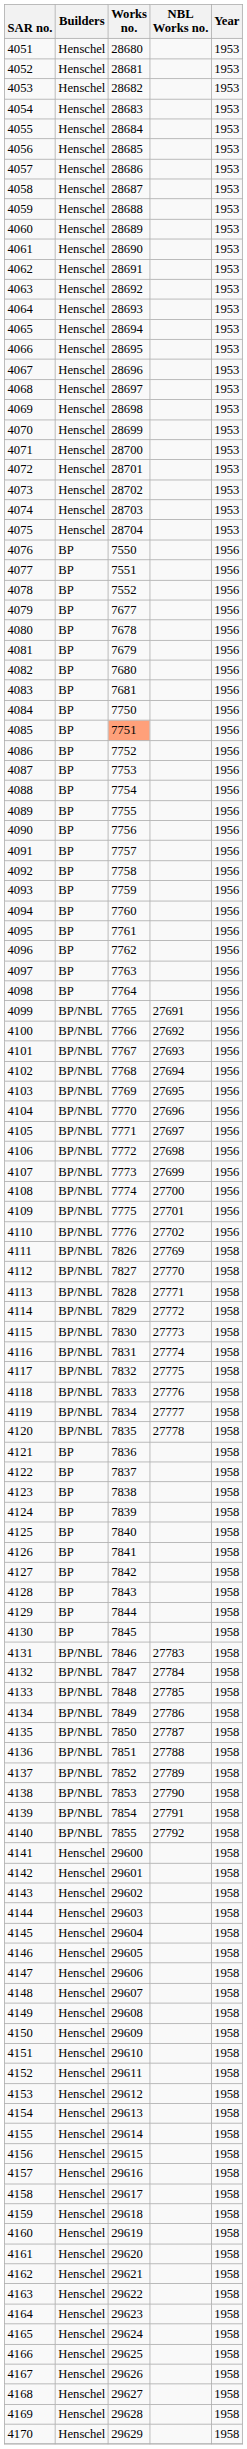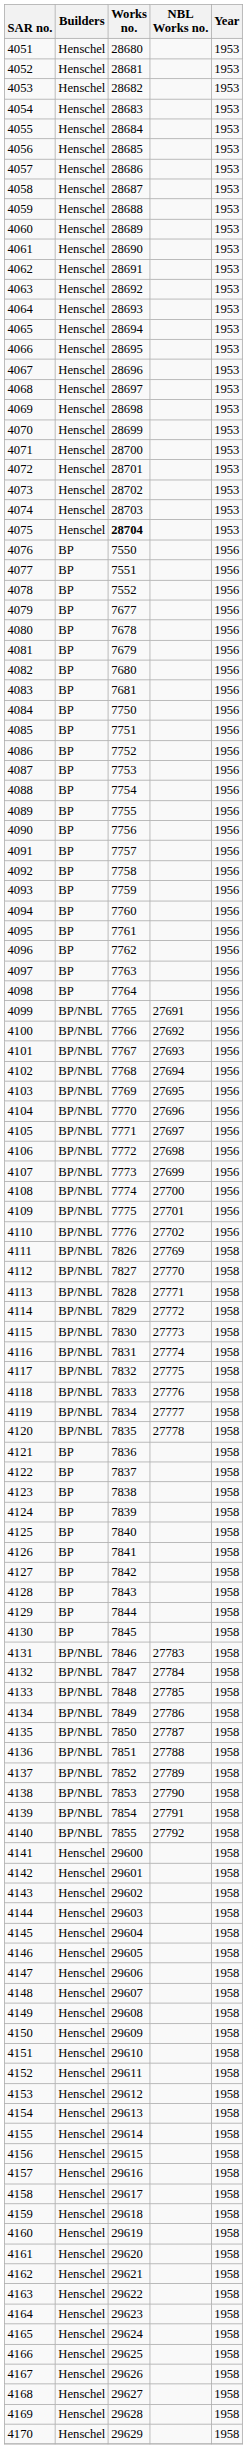 <table class="wikitable collapsible collapsed sortable" style="margin:0.5em auto; font-size:100%;">
 <tr>
 <th><br>SAR no.</th>
 <th>Builders<br></th>
 <th>Works<br>no.</th>
 <th>NBL<br>Works no.</th>
 <th>Year<br></th>
 </tr>
 <tr>
 <td>4051</td>
 <td>Henschel</td>
 <td>28680</td>
 <td></td>
 <td>1953</td>
 </tr>
 <tr>
 <td>4052</td>
 <td>Henschel</td>
 <td>28681</td>
 <td></td>
 <td>1953</td>
 </tr>
 <tr>
 <td>4053</td>
 <td>Henschel</td>
 <td>28682</td>
 <td></td>
 <td>1953</td>
 </tr>
 <tr>
 <td>4054</td>
 <td>Henschel</td>
 <td>28683</td>
 <td></td>
 <td>1953</td>
 </tr>
 <tr>
 <td>4055</td>
 <td>Henschel</td>
 <td>28684</td>
 <td></td>
 <td>1953</td>
 </tr>
 <tr>
 <td>4056</td>
 <td>Henschel</td>
 <td>28685</td>
 <td></td>
 <td>1953</td>
 </tr>
 <tr>
 <td>4057</td>
 <td>Henschel</td>
 <td>28686</td>
 <td></td>
 <td>1953</td>
 </tr>
 <tr>
 <td>4058</td>
 <td>Henschel</td>
 <td>28687</td>
 <td></td>
 <td>1953</td>
 </tr>
 <tr>
 <td>4059</td>
 <td>Henschel</td>
 <td>28688</td>
 <td></td>
 <td>1953</td>
 </tr>
 <tr>
 <td>4060</td>
 <td>Henschel</td>
 <td>28689</td>
 <td></td>
 <td>1953</td>
 </tr>
 <tr>
 <td>4061</td>
 <td>Henschel</td>
 <td>28690</td>
 <td></td>
 <td>1953</td>
 </tr>
 <tr>
 <td>4062</td>
 <td>Henschel</td>
 <td>28691</td>
 <td></td>
 <td>1953</td>
 </tr>
 <tr>
 <td>4063</td>
 <td>Henschel</td>
 <td>28692</td>
 <td></td>
 <td>1953</td>
 </tr>
 <tr>
 <td>4064</td>
 <td>Henschel</td>
 <td>28693</td>
 <td></td>
 <td>1953</td>
 </tr>
 <tr>
 <td>4065</td>
 <td>Henschel</td>
 <td>28694</td>
 <td></td>
 <td>1953</td>
 </tr>
 <tr>
 <td>4066</td>
 <td>Henschel</td>
 <td>28695</td>
 <td></td>
 <td>1953</td>
 </tr>
 <tr>
 <td>4067</td>
 <td>Henschel</td>
 <td>28696</td>
 <td></td>
 <td>1953</td>
 </tr>
 <tr>
 <td>4068</td>
 <td>Henschel</td>
 <td>28697</td>
 <td></td>
 <td>1953</td>
 </tr>
 <tr>
 <td>4069</td>
 <td>Henschel</td>
 <td>28698</td>
 <td></td>
 <td>1953</td>
 </tr>
 <tr>
 <td>4070</td>
 <td>Henschel</td>
 <td>28699</td>
 <td></td>
 <td>1953</td>
 </tr>
 <tr>
 <td>4071</td>
 <td>Henschel</td>
 <td>28700</td>
 <td></td>
 <td>1953</td>
 </tr>
 <tr>
 <td>4072</td>
 <td>Henschel</td>
 <td>28701</td>
 <td></td>
 <td>1953</td>
 </tr>
 <tr>
 <td>4073</td>
 <td>Henschel</td>
 <td>28702</td>
 <td></td>
 <td>1953</td>
 </tr>
 <tr>
 <td>4074</td>
 <td>Henschel</td>
 <td>28703</td>
 <td></td>
 <td>1953</td>
 </tr>
 <tr>
 <td>4075</td>
 <td>Henschel</td>
-<td>28704</td>
+<td><strong>28704</strong></td>
 <td></td>
 <td>1953</td>
 </tr>
 <tr>
 <td>4076</td>
 <td>BP</td>
 <td>7550</td>
 <td></td>
 <td>1956</td>
 </tr>
 <tr>
 <td>4077</td>
 <td>BP</td>
 <td>7551</td>
 <td></td>
 <td>1956</td>
 </tr>
 <tr>
 <td>4078</td>
 <td>BP</td>
 <td>7552</td>
 <td></td>
 <td>1956</td>
 </tr>
 <tr>
 <td>4079</td>
 <td>BP</td>
 <td>7677</td>
 <td></td>
 <td>1956</td>
 </tr>
 <tr>
 <td>4080</td>
 <td>BP</td>
 <td>7678</td>
 <td></td>
 <td>1956</td>
 </tr>
 <tr>
 <td>4081</td>
 <td>BP</td>
 <td>7679</td>
 <td></td>
 <td>1956</td>
 </tr>
 <tr>
 <td>4082</td>
 <td>BP</td>
 <td>7680</td>
 <td></td>
 <td>1956</td>
 </tr>
 <tr>
 <td>4083</td>
 <td>BP</td>
 <td>7681</td>
 <td></td>
 <td>1956</td>
 </tr>
 <tr>
 <td>4084</td>
 <td>BP</td>
 <td>7750</td>
 <td></td>
 <td>1956</td>
 </tr>
 <tr>
 <td>4085</td>
 <td>BP</td>
-<td style="background: lightsalmon;">7751</td>
+<td>7751</td>
 <td></td>
 <td>1956</td>
 </tr>
 <tr>
 <td>4086</td>
 <td>BP</td>
 <td>7752</td>
 <td></td>
 <td>1956</td>
 </tr>
 <tr>
 <td>4087</td>
 <td>BP</td>
 <td>7753</td>
 <td></td>
 <td>1956</td>
 </tr>
 <tr>
 <td>4088</td>
 <td>BP</td>
 <td>7754</td>
 <td></td>
 <td>1956</td>
 </tr>
 <tr>
 <td>4089</td>
 <td>BP</td>
 <td>7755</td>
 <td></td>
 <td>1956</td>
 </tr>
 <tr>
 <td>4090</td>
 <td>BP</td>
 <td>7756</td>
 <td></td>
 <td>1956</td>
 </tr>
 <tr>
 <td>4091</td>
 <td>BP</td>
 <td>7757</td>
 <td></td>
 <td>1956</td>
 </tr>
 <tr>
 <td>4092</td>
 <td>BP</td>
 <td>7758</td>
 <td></td>
 <td>1956</td>
 </tr>
 <tr>
 <td>4093</td>
 <td>BP</td>
 <td>7759</td>
 <td></td>
 <td>1956</td>
 </tr>
 <tr>
 <td>4094</td>
 <td>BP</td>
 <td>7760</td>
 <td></td>
 <td>1956</td>
 </tr>
 <tr>
 <td>4095</td>
 <td>BP</td>
 <td>7761</td>
 <td></td>
 <td>1956</td>
 </tr>
 <tr>
 <td>4096</td>
 <td>BP</td>
 <td>7762</td>
 <td></td>
 <td>1956</td>
 </tr>
 <tr>
 <td>4097</td>
 <td>BP</td>
 <td>7763</td>
 <td></td>
 <td>1956</td>
 </tr>
 <tr>
 <td>4098</td>
 <td>BP</td>
 <td>7764</td>
 <td></td>
 <td>1956</td>
 </tr>
 <tr>
 <td>4099</td>
 <td>BP/NBL</td>
 <td>7765</td>
 <td>27691</td>
 <td>1956</td>
 </tr>
 <tr>
 <td>4100</td>
 <td>BP/NBL</td>
 <td>7766</td>
 <td>27692</td>
 <td>1956</td>
 </tr>
 <tr>
 <td>4101</td>
 <td>BP/NBL</td>
 <td>7767</td>
 <td>27693</td>
 <td>1956</td>
 </tr>
 <tr>
 <td>4102</td>
 <td>BP/NBL</td>
 <td>7768</td>
 <td>27694</td>
 <td>1956</td>
 </tr>
 <tr>
 <td>4103</td>
 <td>BP/NBL</td>
 <td>7769</td>
 <td>27695</td>
 <td>1956</td>
 </tr>
 <tr>
 <td>4104</td>
 <td>BP/NBL</td>
 <td>7770</td>
 <td>27696</td>
 <td>1956</td>
 </tr>
 <tr>
 <td>4105</td>
 <td>BP/NBL</td>
 <td>7771</td>
 <td>27697</td>
 <td>1956</td>
 </tr>
 <tr>
 <td>4106</td>
 <td>BP/NBL</td>
 <td>7772</td>
 <td>27698</td>
 <td>1956</td>
 </tr>
 <tr>
 <td>4107</td>
 <td>BP/NBL</td>
 <td>7773</td>
 <td>27699</td>
 <td>1956</td>
 </tr>
 <tr>
 <td>4108</td>
 <td>BP/NBL</td>
 <td>7774</td>
 <td>27700</td>
 <td>1956</td>
 </tr>
 <tr>
 <td>4109</td>
 <td>BP/NBL</td>
 <td>7775</td>
 <td>27701</td>
 <td>1956</td>
 </tr>
 <tr>
 <td>4110</td>
 <td>BP/NBL</td>
 <td>7776</td>
 <td>27702</td>
 <td>1956</td>
 </tr>
 <tr>
 <td>4111</td>
 <td>BP/NBL</td>
 <td>7826</td>
 <td>27769</td>
 <td>1958</td>
 </tr>
 <tr>
 <td>4112</td>
 <td>BP/NBL</td>
 <td>7827</td>
 <td>27770</td>
 <td>1958</td>
 </tr>
 <tr>
 <td>4113</td>
 <td>BP/NBL</td>
 <td>7828</td>
 <td>27771</td>
 <td>1958</td>
 </tr>
 <tr>
 <td>4114</td>
 <td>BP/NBL</td>
 <td>7829</td>
 <td>27772</td>
 <td>1958</td>
 </tr>
 <tr>
 <td>4115</td>
 <td>BP/NBL</td>
 <td>7830</td>
 <td>27773</td>
 <td>1958</td>
 </tr>
 <tr>
 <td>4116</td>
 <td>BP/NBL</td>
 <td>7831</td>
 <td>27774</td>
 <td>1958</td>
 </tr>
 <tr>
 <td>4117</td>
 <td>BP/NBL</td>
 <td>7832</td>
 <td>27775</td>
 <td>1958</td>
 </tr>
 <tr>
 <td>4118</td>
 <td>BP/NBL</td>
 <td>7833</td>
 <td>27776</td>
 <td>1958</td>
 </tr>
 <tr>
 <td>4119</td>
 <td>BP/NBL</td>
 <td>7834</td>
 <td>27777</td>
 <td>1958</td>
 </tr>
 <tr>
 <td>4120</td>
 <td>BP/NBL</td>
 <td>7835</td>
 <td>27778</td>
 <td>1958</td>
 </tr>
 <tr>
 <td>4121</td>
 <td>BP</td>
 <td>7836</td>
 <td></td>
 <td>1958</td>
 </tr>
 <tr>
 <td>4122</td>
 <td>BP</td>
 <td>7837</td>
 <td></td>
 <td>1958</td>
 </tr>
 <tr>
 <td>4123</td>
 <td>BP</td>
 <td>7838</td>
 <td></td>
 <td>1958</td>
 </tr>
 <tr>
 <td>4124</td>
 <td>BP</td>
 <td>7839</td>
 <td></td>
 <td>1958</td>
 </tr>
 <tr>
 <td>4125</td>
 <td>BP</td>
 <td>7840</td>
 <td></td>
 <td>1958</td>
 </tr>
 <tr>
 <td>4126</td>
 <td>BP</td>
 <td>7841</td>
 <td></td>
 <td>1958</td>
 </tr>
 <tr>
 <td>4127</td>
 <td>BP</td>
 <td>7842</td>
 <td></td>
 <td>1958</td>
 </tr>
 <tr>
 <td>4128</td>
 <td>BP</td>
 <td>7843</td>
 <td></td>
 <td>1958</td>
 </tr>
 <tr>
 <td>4129</td>
 <td>BP</td>
 <td>7844</td>
 <td></td>
 <td>1958</td>
 </tr>
 <tr>
 <td>4130</td>
 <td>BP</td>
 <td>7845</td>
 <td></td>
 <td>1958</td>
 </tr>
 <tr>
 <td>4131</td>
 <td>BP/NBL</td>
 <td>7846</td>
 <td>27783</td>
 <td>1958</td>
 </tr>
 <tr>
 <td>4132</td>
 <td>BP/NBL</td>
 <td>7847</td>
 <td>27784</td>
 <td>1958</td>
 </tr>
 <tr>
 <td>4133</td>
 <td>BP/NBL</td>
 <td>7848</td>
 <td>27785</td>
 <td>1958</td>
 </tr>
 <tr>
 <td>4134</td>
 <td>BP/NBL</td>
 <td>7849</td>
 <td>27786</td>
 <td>1958</td>
 </tr>
 <tr>
 <td>4135</td>
 <td>BP/NBL</td>
 <td>7850</td>
 <td>27787</td>
 <td>1958</td>
 </tr>
 <tr>
 <td>4136</td>
 <td>BP/NBL</td>
 <td>7851</td>
 <td>27788</td>
 <td>1958</td>
 </tr>
 <tr>
 <td>4137</td>
 <td>BP/NBL</td>
 <td>7852</td>
 <td>27789</td>
 <td>1958</td>
 </tr>
 <tr>
 <td>4138</td>
 <td>BP/NBL</td>
 <td>7853</td>
 <td>27790</td>
 <td>1958</td>
 </tr>
 <tr>
 <td>4139</td>
 <td>BP/NBL</td>
 <td>7854</td>
 <td>27791</td>
 <td>1958</td>
 </tr>
 <tr>
 <td>4140</td>
 <td>BP/NBL</td>
 <td>7855</td>
 <td>27792</td>
 <td>1958</td>
 </tr>
 <tr>
 <td>4141</td>
 <td>Henschel</td>
 <td>29600</td>
 <td></td>
 <td>1958</td>
 </tr>
 <tr>
 <td>4142</td>
 <td>Henschel</td>
 <td>29601</td>
 <td></td>
 <td>1958</td>
 </tr>
 <tr>
 <td>4143</td>
 <td>Henschel</td>
 <td>29602</td>
 <td></td>
 <td>1958</td>
 </tr>
 <tr>
 <td>4144</td>
 <td>Henschel</td>
 <td>29603</td>
 <td></td>
 <td>1958</td>
 </tr>
 <tr>
 <td>4145</td>
 <td>Henschel</td>
 <td>29604</td>
 <td></td>
 <td>1958</td>
 </tr>
 <tr>
 <td>4146</td>
 <td>Henschel</td>
 <td>29605</td>
 <td></td>
 <td>1958</td>
 </tr>
 <tr>
 <td>4147</td>
 <td>Henschel</td>
 <td>29606</td>
 <td></td>
 <td>1958</td>
 </tr>
 <tr>
 <td>4148</td>
 <td>Henschel</td>
 <td>29607</td>
 <td></td>
 <td>1958</td>
 </tr>
 <tr>
 <td>4149</td>
 <td>Henschel</td>
 <td>29608</td>
 <td></td>
 <td>1958</td>
 </tr>
 <tr>
 <td>4150</td>
 <td>Henschel</td>
 <td>29609</td>
 <td></td>
 <td>1958</td>
 </tr>
 <tr>
 <td>4151</td>
 <td>Henschel</td>
 <td>29610</td>
 <td></td>
 <td>1958</td>
 </tr>
 <tr>
 <td>4152</td>
 <td>Henschel</td>
 <td>29611</td>
 <td></td>
 <td>1958</td>
 </tr>
 <tr>
 <td>4153</td>
 <td>Henschel</td>
 <td>29612</td>
 <td></td>
 <td>1958</td>
 </tr>
 <tr>
 <td>4154</td>
 <td>Henschel</td>
 <td>29613</td>
 <td></td>
 <td>1958</td>
 </tr>
 <tr>
 <td>4155</td>
 <td>Henschel</td>
 <td>29614</td>
 <td></td>
 <td>1958</td>
 </tr>
 <tr>
 <td>4156</td>
 <td>Henschel</td>
 <td>29615</td>
 <td></td>
 <td>1958</td>
 </tr>
 <tr>
 <td>4157</td>
 <td>Henschel</td>
 <td>29616</td>
 <td></td>
 <td>1958</td>
 </tr>
 <tr>
 <td>4158</td>
 <td>Henschel</td>
 <td>29617</td>
 <td></td>
 <td>1958</td>
 </tr>
 <tr>
 <td>4159</td>
 <td>Henschel</td>
 <td>29618</td>
 <td></td>
 <td>1958</td>
 </tr>
 <tr>
 <td>4160</td>
 <td>Henschel</td>
 <td>29619</td>
 <td></td>
 <td>1958</td>
 </tr>
 <tr>
 <td>4161</td>
 <td>Henschel</td>
 <td>29620</td>
 <td></td>
 <td>1958</td>
 </tr>
 <tr>
 <td>4162</td>
 <td>Henschel</td>
 <td>29621</td>
 <td></td>
 <td>1958</td>
 </tr>
 <tr>
 <td>4163</td>
 <td>Henschel</td>
 <td>29622</td>
 <td></td>
 <td>1958</td>
 </tr>
 <tr>
 <td>4164</td>
 <td>Henschel</td>
 <td>29623</td>
 <td></td>
 <td>1958</td>
 </tr>
 <tr>
 <td>4165</td>
 <td>Henschel</td>
 <td>29624</td>
 <td></td>
 <td>1958</td>
 </tr>
 <tr>
 <td>4166</td>
 <td>Henschel</td>
 <td>29625</td>
 <td></td>
 <td>1958</td>
 </tr>
 <tr>
 <td>4167</td>
 <td>Henschel</td>
 <td>29626</td>
 <td></td>
 <td>1958</td>
 </tr>
 <tr>
 <td>4168</td>
 <td>Henschel</td>
 <td>29627</td>
 <td></td>
 <td>1958</td>
 </tr>
 <tr>
 <td>4169</td>
 <td>Henschel</td>
 <td>29628</td>
 <td></td>
 <td>1958</td>
 </tr>
 <tr>
 <td>4170</td>
 <td>Henschel</td>
 <td>29629</td>
 <td></td>
 <td>1958</td>
 </tr>
 <tr>
 </tr>
 </table>
